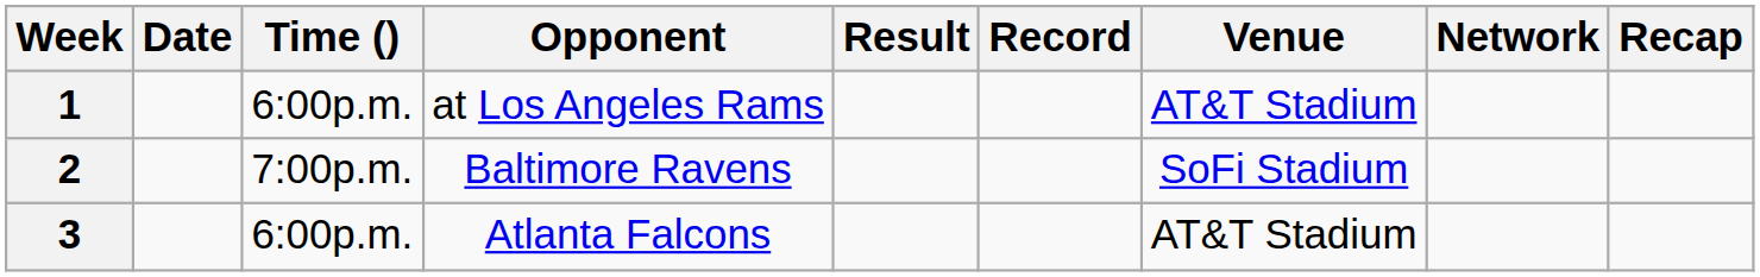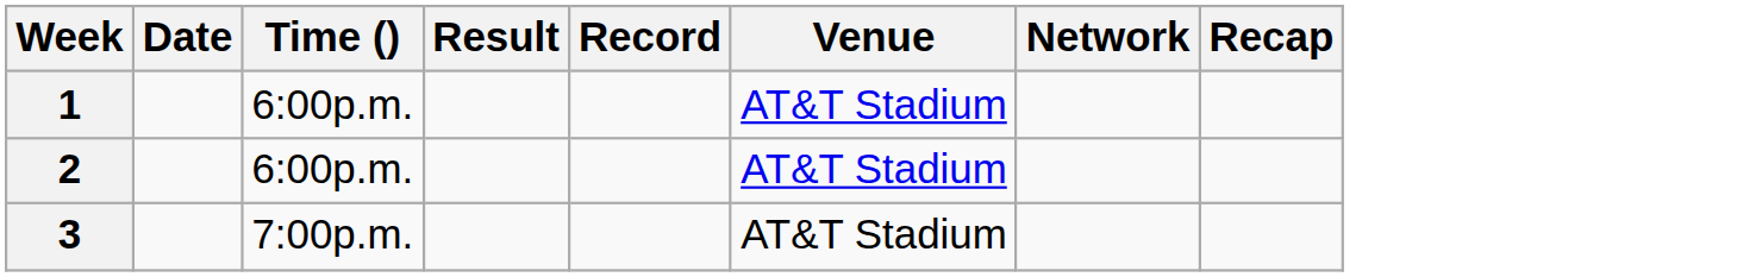 <table class="wikitable" style="text-align:center">
 <tr>
 <th>Week</th>
 <th>Date</th>
 <th>Time (<a href='#'></a>)</th>
-<th>Opponent</th>
 <th>Result</th>
 <th>Record</th>
 <th>Venue</th>
 <th>Network</th>
 <th>Recap</th>
 </tr>
 <tr>
 <th>1</th>
 <td></td>
 <td>6:00p.m.</td>
-<td>at <a href='#'>Los Angeles Rams</a></td>
 <td></td>
 <td></td>
 <td><a href='#'>AT&T Stadium</a></td>
 <td></td>
 <td></td>
 </tr>
 <tr>
 <th>2</th>
 <td></td>
-<td>7:00p.m.</td>
-<td><a href='#'>Baltimore Ravens</a></td>
+<td>6:00p.m.</td>
 <td></td>
 <td></td>
-<td><a href='#'>SoFi Stadium</a></td>
+<td><a href='#'>AT&T Stadium</a></td>
 <td></td>
 <td></td>
 </tr>
 <tr>
 <th>3</th>
 <td></td>
-<td>6:00p.m.</td>
-<td><a href='#'>Atlanta Falcons</a></td>
+<td>7:00p.m.</td>
 <td></td>
 <td></td>
 <td>AT&T Stadium</td>
 <td></td>
 <td></td>
 </tr>
 </table>
